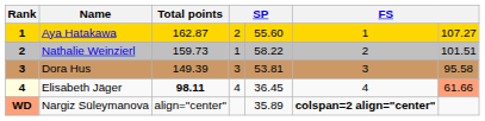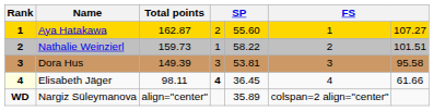 <table class="wikitable sortable">
 <tr>
 <th>Rank</th>
 <th>Name</th>
 <th>Total points</th>
 <th colspan="2" width="80px"><a href='#'>SP</a></th>
 <th colspan="2" width="80px"><a href='#'>FS</a></th>
 </tr>
 <tr bgcolor="gold">
 <td align="center"><strong>1</strong></td>
 <td><a href='#'>Aya Hatakawa</a></td>
 <td align="center">162.87</td>
 <td align="center">2</td>
 <td align="center">55.60</td>
 <td align="center">1</td>
 <td align="center">107.27</td>
 </tr>
 <tr bgcolor="silver">
 <td align="center"><strong>2</strong></td>
 <td><a href='#'>Nathalie Weinzierl</a></td>
 <td align="center">159.73</td>
 <td align="center">1</td>
 <td align="center">58.22</td>
 <td align="center">2</td>
 <td align="center">101.51</td>
 </tr>
 <tr bgcolor="cc9966">
 <td align="center"><strong>3</strong></td>
 <td>Dora Hus</td>
 <td align="center">149.39</td>
 <td align="center">3</td>
 <td align="center">53.81</td>
 <td align="center">3</td>
 <td align="center">95.58</td>
 </tr>
 <tr>
 <td align="center" style="background: lightyellow;"><strong>4</strong></td>
 <td>Elisabeth Jäger</td>
-<td align="center"><strong>98.11</strong></td>
-<td align="center">4</td>
+<td align="center">98.11</td>
+<td align="center"><strong>4</strong></td>
 <td align="center">36.45</td>
 <td align="center">4</td>
-<td align="center" style="background: lightsalmon;">61.66</td>
+<td align="center">61.66</td>
 </tr>
 <tr>
-<td align="center" style="background: lightsalmon;"><strong>WD</strong></td>
+<td align="center"><strong>WD</strong></td>
 <td>Nargiz Süleymanova</td>
 <td>align="center"  </td>
 <td align="center"></td>
 <td align="center">35.89</td>
-<td><strong>colspan=2 align="center" </strong></td>
+<td>colspan=2 align="center" </td>
 </tr>
 </table>
